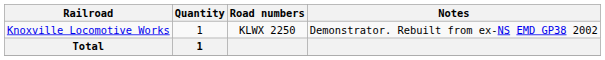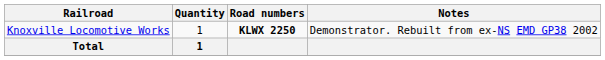 <table class="wikitable">
 <tr>
 <th>Railroad</th>
 <th>Quantity</th>
 <th>Road numbers</th>
 <th>Notes</th>
 </tr>
 <tr>
 <td><a href='#'>Knoxville Locomotive Works</a></td>
 <td style="text-align:center;">1</td>
-<td style="text-align:center;">KLWX 2250</td>
+<td style="text-align:center;"><strong>KLWX 2250</strong></td>
 <td>Demonstrator. Rebuilt from ex-<a href='#'>NS</a> <a href='#'>EMD GP38</a> 2002</td>
 </tr>
 <tr>
 <th>Total</th>
 <th>1</th>
 <th></th>
 <th></th>
 </tr>
 <tr>
 </tr>
 </table>
